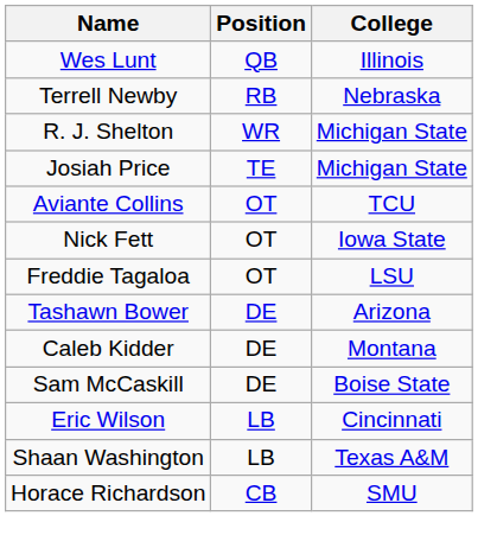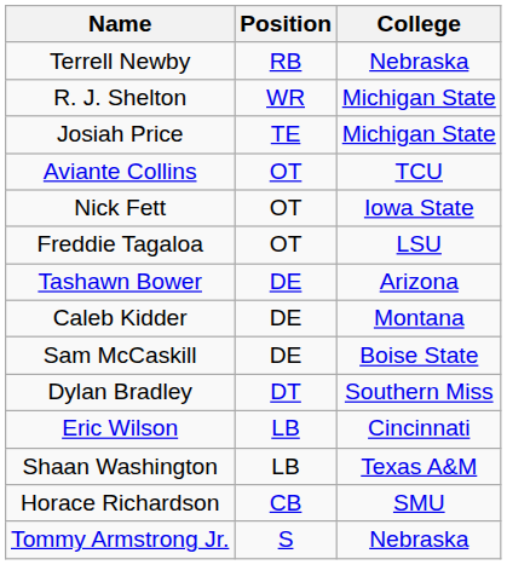 <table class="wikitable" style="text-align:center">
 <tr>
 <th>Name</th>
 <th>Position</th>
 <th>College</th>
-</tr>
-<tr>
-<td><a href='#'>Wes Lunt</a></td>
-<td><a href='#'>QB</a></td>
-<td><a href='#'>Illinois</a></td>
 </tr>
 <tr>
 <td>Terrell Newby</td>
 <td><a href='#'>RB</a></td>
 <td><a href='#'>Nebraska</a></td>
 </tr>
 <tr>
 <td>R. J. Shelton</td>
 <td><a href='#'>WR</a></td>
 <td><a href='#'>Michigan State</a></td>
 </tr>
 <tr>
 <td>Josiah Price</td>
 <td><a href='#'>TE</a></td>
 <td><a href='#'>Michigan State</a></td>
 </tr>
 <tr>
 <td><a href='#'>Aviante Collins</a></td>
 <td><a href='#'>OT</a></td>
 <td><a href='#'>TCU</a></td>
 </tr>
 <tr>
 <td>Nick Fett</td>
 <td>OT</td>
 <td><a href='#'>Iowa State</a></td>
 </tr>
 <tr>
 <td>Freddie Tagaloa</td>
 <td>OT</td>
 <td><a href='#'>LSU</a></td>
 </tr>
 <tr>
 <td><a href='#'>Tashawn Bower</a></td>
 <td><a href='#'>DE</a></td>
 <td><a href='#'>Arizona</a></td>
 </tr>
 <tr>
 <td>Caleb Kidder</td>
 <td>DE</td>
 <td><a href='#'>Montana</a></td>
 </tr>
 <tr>
 <td>Sam McCaskill</td>
 <td>DE</td>
 <td><a href='#'>Boise State</a></td>
 </tr>
 <tr>
+<td>Dylan Bradley</td>
+<td><a href='#'>DT</a></td>
+<td><a href='#'>Southern Miss</a></td>
+</tr>
+<tr>
 <td><a href='#'>Eric Wilson</a></td>
 <td><a href='#'>LB</a></td>
 <td><a href='#'>Cincinnati</a></td>
 </tr>
 <tr>
 <td>Shaan Washington</td>
 <td>LB</td>
 <td><a href='#'>Texas A&M</a></td>
 </tr>
 <tr>
 <td>Horace Richardson</td>
 <td><a href='#'>CB</a></td>
 <td><a href='#'>SMU</a></td>
 </tr>
+<tr>
+<td><a href='#'>Tommy Armstrong Jr.</a></td>
+<td><a href='#'>S</a></td>
+<td><a href='#'>Nebraska</a></td>
+</tr>
 </table>
